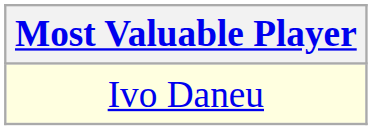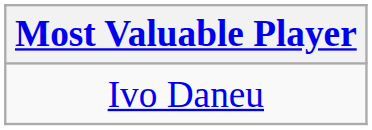 <table class=wikitable style="text-align:center; margin:auto">
 <tr>
 <th><a href='#'>Most Valuable Player</a></th>
 </tr>
 <tr>
-<td style="background: lightyellow;"> <a href='#'>Ivo Daneu</a></td>
+<td> <a href='#'>Ivo Daneu</a></td>
 </tr>
 </table>
